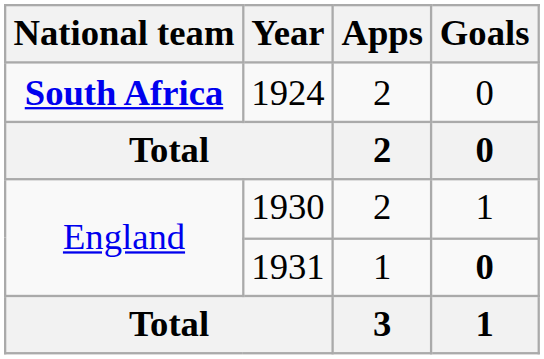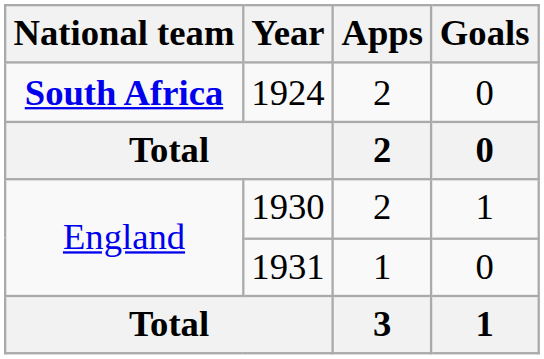 <table class="wikitable" style="text-align:center">
 <tr>
 <th>National team</th>
 <th>Year</th>
 <th>Apps</th>
 <th>Goals</th>
 </tr>
 <tr>
 <td><strong><a href='#'>South Africa</a></strong></td>
 <td>1924</td>
 <td>2</td>
 <td>0</td>
 </tr>
 <tr>
 <th colspan="2">Total</th>
 <th>2</th>
 <th>0</th>
 </tr>
 <tr>
 <td rowspan="2"><a href='#'>England</a></td>
 <td>1930</td>
 <td>2</td>
 <td>1</td>
 </tr>
 <tr>
 <td>1931</td>
 <td>1</td>
-<td><strong>0</strong></td>
+<td>0</td>
 </tr>
 <tr>
 <th colspan="2">Total</th>
 <th>3</th>
 <th>1</th>
 </tr>
 </table>
